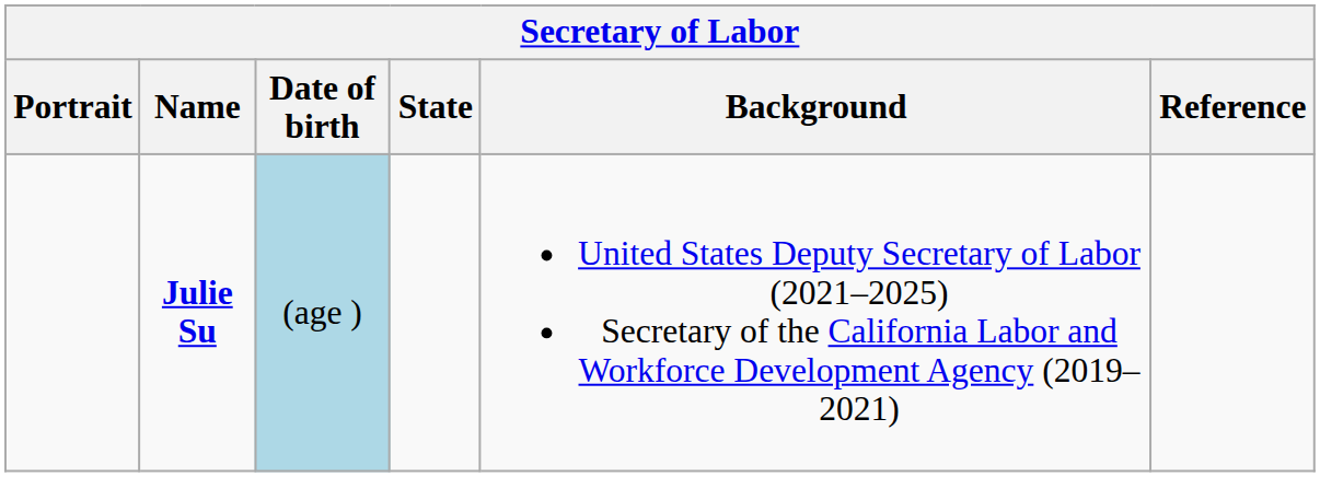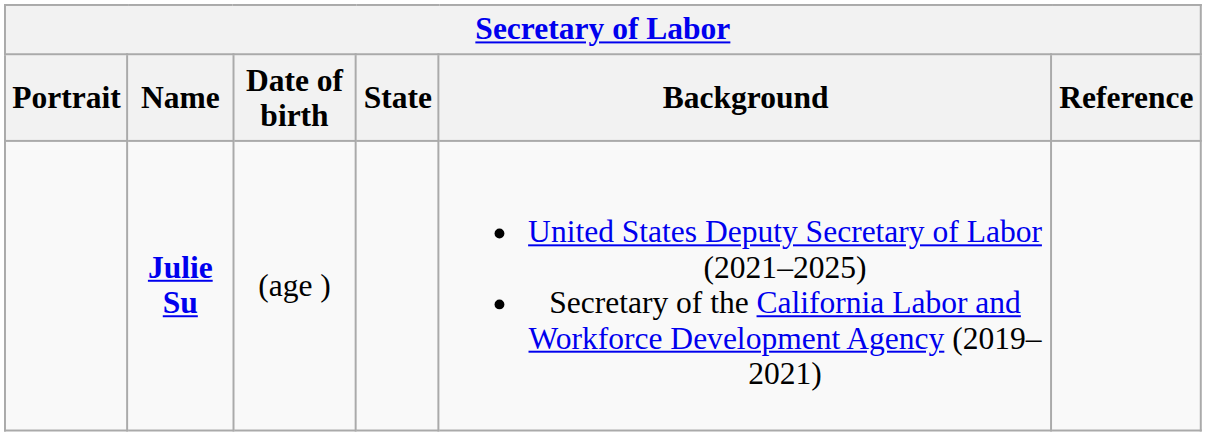 <table class="wikitable collapsible" style="text-align:center;">
 <tr>
 <th colspan="6"><a href='#'>Secretary of Labor</a></th>
 </tr>
 <tr>
 <th>Portrait</th>
 <th>Name</th>
 <th>Date of birth</th>
 <th>State</th>
 <th>Background</th>
 <th>Reference</th>
 </tr>
 <tr>
 <td></td>
 <td><strong><a href='#'>Julie Su</a></strong></td>
-<td style="background: lightblue;"> (age )</td>
+<td> (age )</td>
 <td></td>
 <td><br><ul><li><a href='#'>United States Deputy Secretary of Labor</a> (2021–2025)</li><li>Secretary of the <a href='#'>California Labor and Workforce Development Agency</a> (2019–2021)</li></ul></td>
 <td></td>
 </tr>
 </table>
